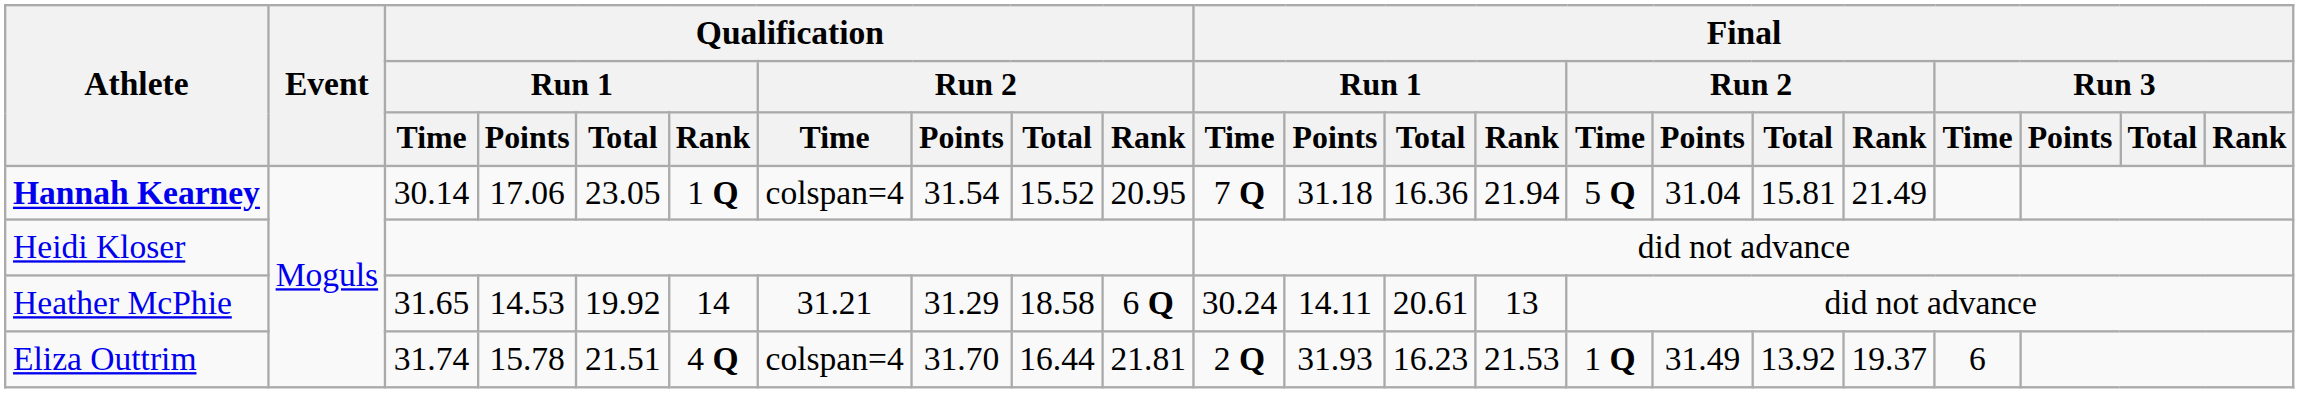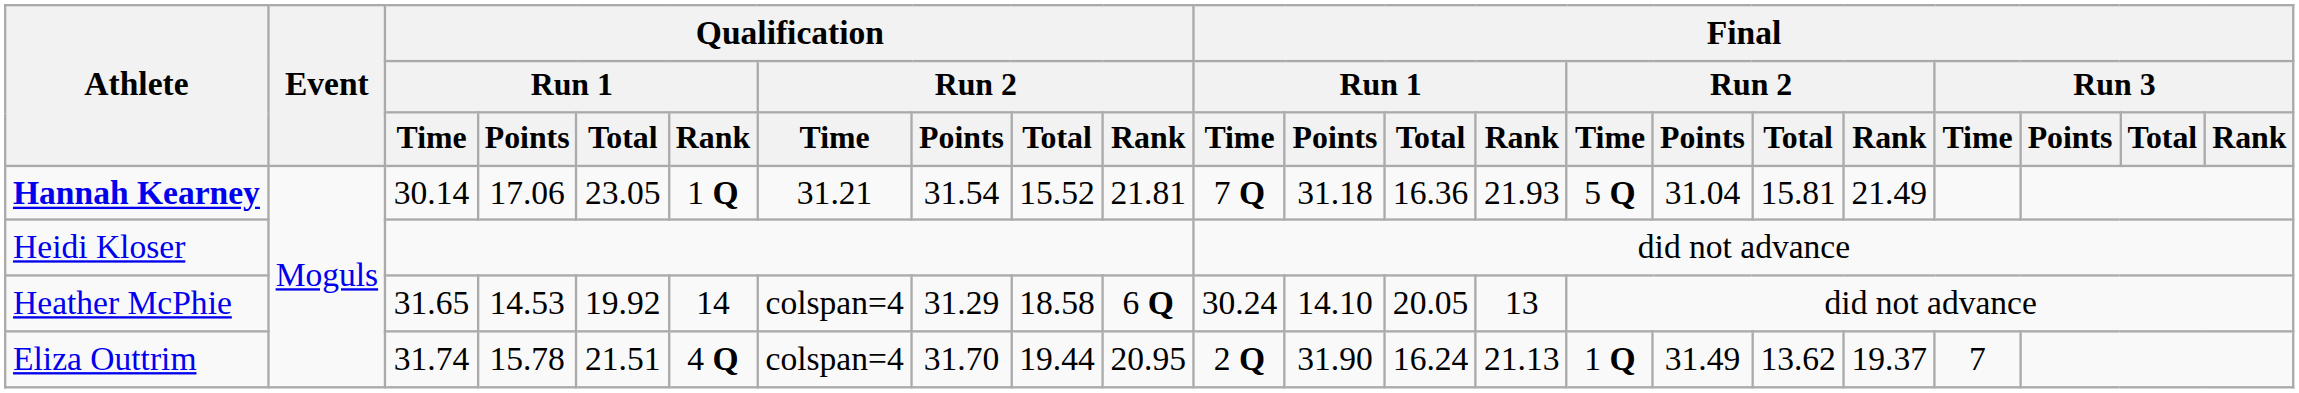 <table class=wikitable style=font-size:90%;text-align:center>
 <tr>
 <th rowspan=3>Athlete</th>
 <th rowspan=3>Event</th>
 <th colspan=8>Qualification</th>
 <th colspan=12>Final</th>
 </tr>
 <tr style=font-size:95%>
 <th colspan=4>Run 1</th>
 <th colspan=4>Run 2</th>
 <th colspan=4>Run 1</th>
 <th colspan=4>Run 2</th>
 <th colspan=4>Run 3</th>
 </tr>
 <tr style=font-size:95%>
 <th>Time</th>
 <th>Points</th>
 <th>Total</th>
 <th>Rank</th>
 <th>Time</th>
 <th>Points</th>
 <th>Total</th>
 <th>Rank</th>
 <th>Time</th>
 <th>Points</th>
 <th>Total</th>
 <th>Rank</th>
 <th>Time</th>
 <th>Points</th>
 <th>Total</th>
 <th>Rank</th>
 <th>Time</th>
 <th>Points</th>
 <th>Total</th>
 <th>Rank</th>
 </tr>
 <tr>
 <td align=left><strong><a href='#'>Hannah Kearney</a></strong></td>
 <td align=left rowspan=4><a href='#'>Moguls</a></td>
 <td>30.14</td>
 <td>17.06</td>
 <td>23.05</td>
 <td>1 <strong>Q</strong></td>
-<td>colspan=4 </td>
+<td>31.21</td>
 <td>31.54</td>
 <td>15.52</td>
-<td>20.95</td>
+<td>21.81</td>
 <td>7 <strong>Q</strong></td>
 <td>31.18</td>
 <td>16.36</td>
-<td>21.94</td>
+<td>21.93</td>
 <td>5 <strong>Q</strong></td>
 <td>31.04</td>
 <td>15.81</td>
 <td>21.49</td>
 <td></td>
 </tr>
 <tr>
 <td align=left><a href='#'>Heidi Kloser</a></td>
 <td colspan=8></td>
 <td colspan=12>did not advance</td>
 </tr>
 <tr>
 <td align=left><a href='#'>Heather McPhie</a></td>
 <td>31.65</td>
 <td>14.53</td>
 <td>19.92</td>
 <td>14</td>
-<td>31.21</td>
+<td>colspan=4 </td>
 <td>31.29</td>
 <td>18.58</td>
 <td>6 <strong>Q</strong></td>
 <td>30.24</td>
-<td>14.11</td>
-<td>20.61</td>
+<td>14.10</td>
+<td>20.05</td>
 <td>13</td>
 <td colspan=8>did not advance</td>
 </tr>
 <tr>
 <td align=left><a href='#'>Eliza Outtrim</a></td>
 <td>31.74</td>
 <td>15.78</td>
 <td>21.51</td>
 <td>4 <strong>Q</strong></td>
 <td>colspan=4 </td>
 <td>31.70</td>
-<td>16.44</td>
-<td>21.81</td>
+<td>19.44</td>
+<td>20.95</td>
 <td>2 <strong>Q</strong></td>
-<td>31.93</td>
-<td>16.23</td>
-<td>21.53</td>
+<td>31.90</td>
+<td>16.24</td>
+<td>21.13</td>
 <td>1 <strong>Q</strong></td>
 <td>31.49</td>
-<td>13.92</td>
+<td>13.62</td>
 <td>19.37</td>
-<td>6</td>
+<td>7</td>
 </tr>
 </table>
